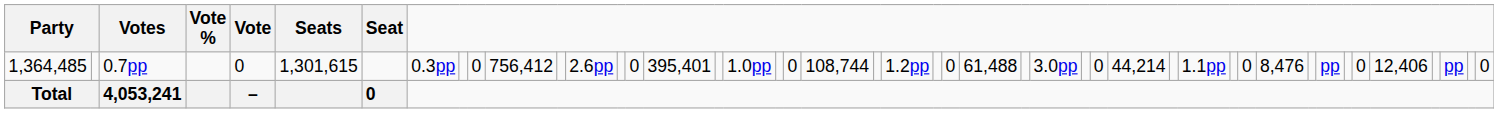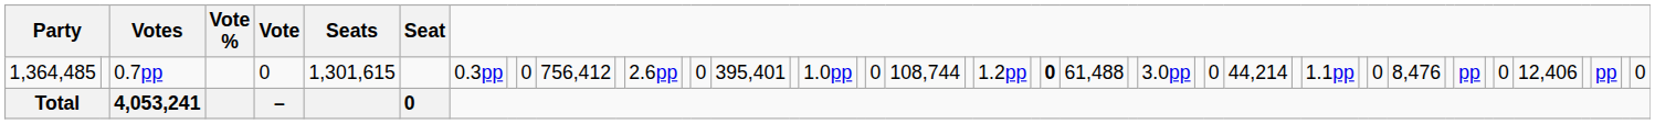 <table class=wikitable style="text-align:right;">
 <tr>
 <th colspan=2>Party</th>
 <th>Votes</th>
 <th>Vote %</th>
 <th>Vote </th>
 <th>Seats</th>
 <th>Seat </th>
 </tr>
 <tr>
 <td>1,364,485</td>
 <td style="text-align:center;"></td>
 <td style="text-align:left;"> 0.7<a href='#'>pp</a></td>
 <td style="text-align:center;"></td>
 <td style="text-align:left;"> 0<br></td>
 <td>1,301,615</td>
 <td style="text-align:center;"></td>
 <td style="text-align:left;"> 0.3<a href='#'>pp</a></td>
 <td style="text-align:center;"></td>
 <td style="text-align:left;"> 0<br></td>
 <td>756,412</td>
 <td style="text-align:center;"></td>
 <td style="text-align:left;"> 2.6<a href='#'>pp</a></td>
 <td style="text-align:center;"></td>
 <td style="text-align:left;"> 0<br></td>
 <td>395,401</td>
 <td style="text-align:center;"></td>
 <td style="text-align:left;"> 1.0<a href='#'>pp</a></td>
 <td style="text-align:center;"></td>
 <td style="text-align:left;"> 0<br></td>
 <td>108,744</td>
 <td style="text-align:center;"></td>
 <td style="text-align:left;"> 1.2<a href='#'>pp</a></td>
 <td style="text-align:center;"></td>
-<td style="text-align:left;"> 0<br></td>
+<td style="text-align:left;"><strong> 0<br></strong></td>
 <td>61,488</td>
 <td style="text-align:center;"></td>
 <td style="text-align:left;"> 3.0<a href='#'>pp</a></td>
 <td style="text-align:center;"></td>
 <td style="text-align:left;"> 0<br></td>
 <td>44,214</td>
 <td style="text-align:center;"></td>
 <td style="text-align:left;"> 1.1<a href='#'>pp</a></td>
 <td style="text-align:center;"></td>
 <td style="text-align:left;"> 0<br></td>
 <td>8,476</td>
 <td style="text-align:center;"></td>
 <td style="text-align:left;"><a href='#'>pp</a></td>
 <td style="text-align:center;"></td>
 <td style="text-align:left;"> 0<br></td>
 <td>12,406</td>
 <td style="text-align:center;"></td>
 <td style="text-align:left;"><a href='#'>pp</a></td>
 <td style="text-align:center;"></td>
 <td style="text-align:left;"> 0</td>
 </tr>
 <tr>
 <th colspan="2">Total</th>
 <th>4,053,241</th>
 <th></th>
 <th>–</th>
 <th></th>
 <th style="text-align:left;"> 0</th>
 </tr>
 </table>
